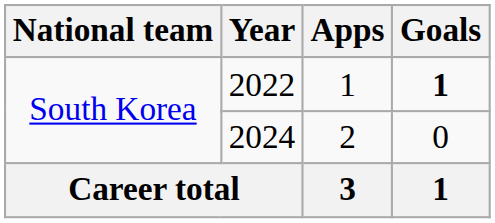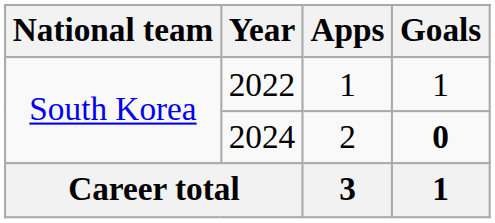 <table class="wikitable" style="text-align: center;">
 <tr>
 <th>National team</th>
 <th>Year</th>
 <th>Apps</th>
 <th>Goals</th>
 </tr>
 <tr>
 <td rowspan="2"><a href='#'>South Korea</a></td>
 <td>2022</td>
 <td>1</td>
-<td><strong>1</strong></td>
+<td>1</td>
 </tr>
 <tr>
 <td>2024</td>
 <td>2</td>
-<td>0</td>
+<td><strong>0</strong></td>
 </tr>
 <tr>
 <th colspan="2">Career total</th>
 <th>3</th>
 <th>1</th>
 </tr>
 </table>
